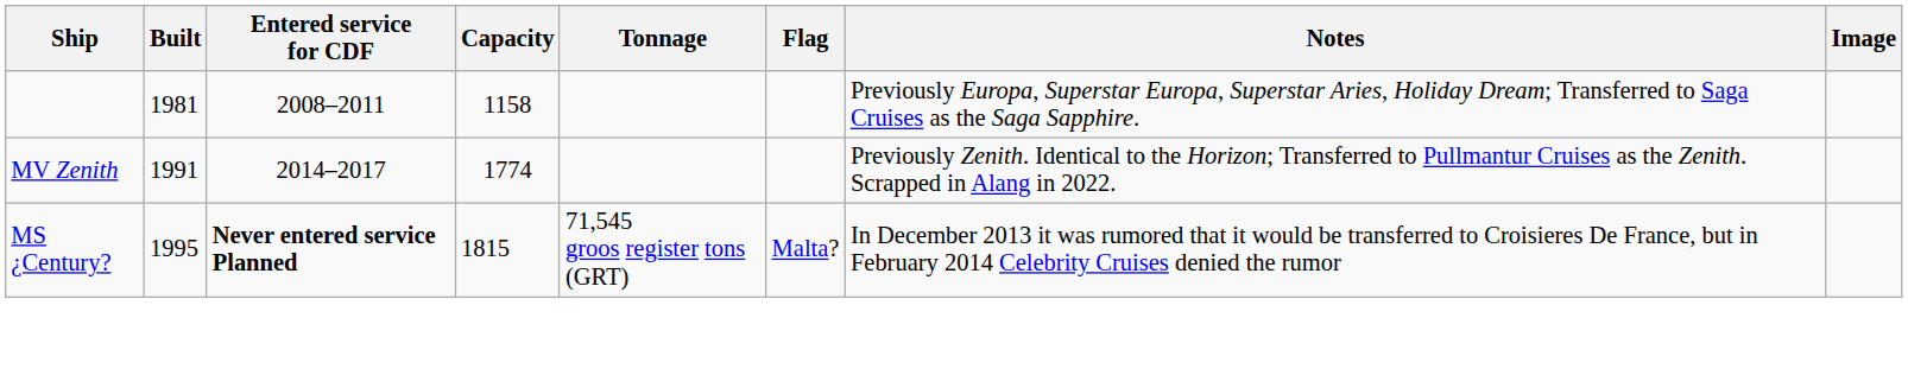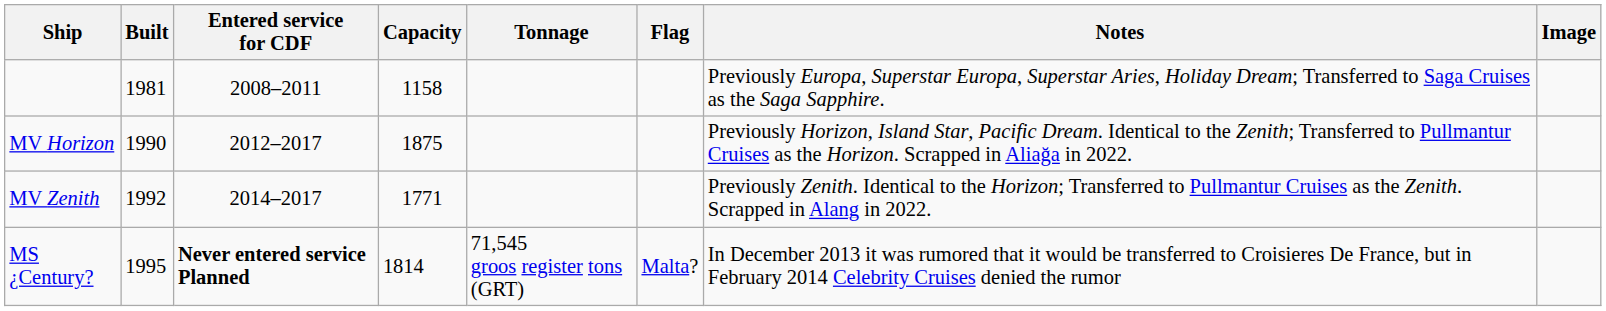 <table class="wikitable">
 <tr>
 <th>Ship</th>
 <th>Built</th>
 <th>Entered service<br>for CDF</th>
 <th>Capacity</th>
 <th>Tonnage</th>
 <th>Flag</th>
 <th>Notes</th>
 <th>Image</th>
 </tr>
 <tr>
 <td></td>
 <td>1981</td>
 <td align="Center">2008–2011</td>
 <td style="text-align:Center;">1158</td>
 <td></td>
 <td></td>
 <td>Previously <em>Europa</em>, <em>Superstar Europa</em>, <em>Superstar Aries</em>, <em>Holiday Dream</em>; Transferred to <a href='#'>Saga Cruises</a> as the <em>Saga Sapphire</em>.</td>
 <td></td>
 </tr>
 <tr>
+<td><a href='#'>MV <em>Horizon</em></a></td>
+<td>1990</td>
+<td align="Center">2012–2017</td>
+<td style="text-align:Center;">1875</td>
+<td></td>
+<td></td>
+<td>Previously <em>Horizon</em>, <em>Island Star</em>, <em>Pacific Dream</em>. Identical to the <em>Zenith</em>; Transferred to <a href='#'>Pullmantur Cruises</a> as the <em>Horizon</em>. Scrapped in <a href='#'>Aliağa</a> in 2022.</td>
+<td></td>
+</tr>
+<tr>
 <td><a href='#'>MV <em>Zenith</em></a></td>
-<td>1991</td>
+<td>1992</td>
 <td align="Center">2014–2017</td>
-<td style="text-align:Center;">1774</td>
+<td style="text-align:Center;">1771</td>
 <td></td>
 <td></td>
 <td>Previously <em>Zenith</em>. Identical to the <em>Horizon</em>; Transferred to <a href='#'>Pullmantur Cruises</a> as the <em>Zenith</em>. Scrapped in <a href='#'>Alang</a> in 2022.</td>
 <td></td>
 </tr>
 <tr>
 <td><a href='#'>MS ¿Century?</a></td>
 <td>1995</td>
 <td><strong>Never entered service Planned</strong></td>
-<td>1815</td>
+<td>1814</td>
 <td>71,545<br><a href='#'>groos</a> <a href='#'>register</a> <a href='#'>tons</a> (GRT)</td>
 <td><a href='#'>Malta</a>?</td>
 <td>In  December 2013 it was rumored that it would be transferred to Croisieres De France, but in February 2014 <a href='#'>Celebrity Cruises</a> denied the rumor</td>
 <td></td>
 </tr>
 </table>
